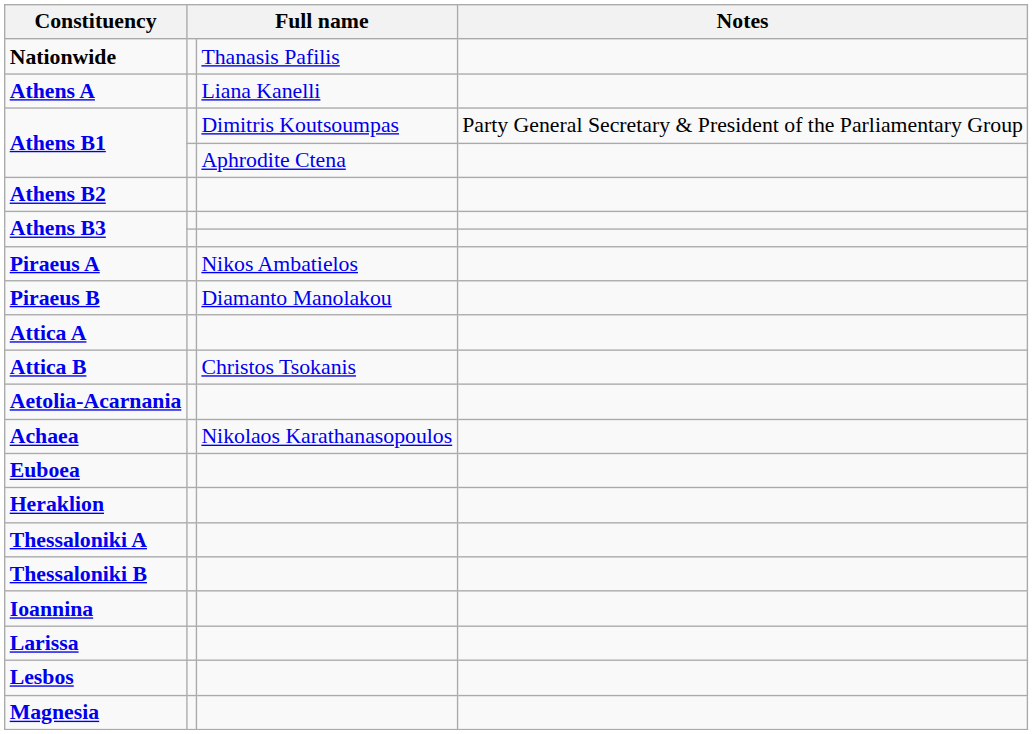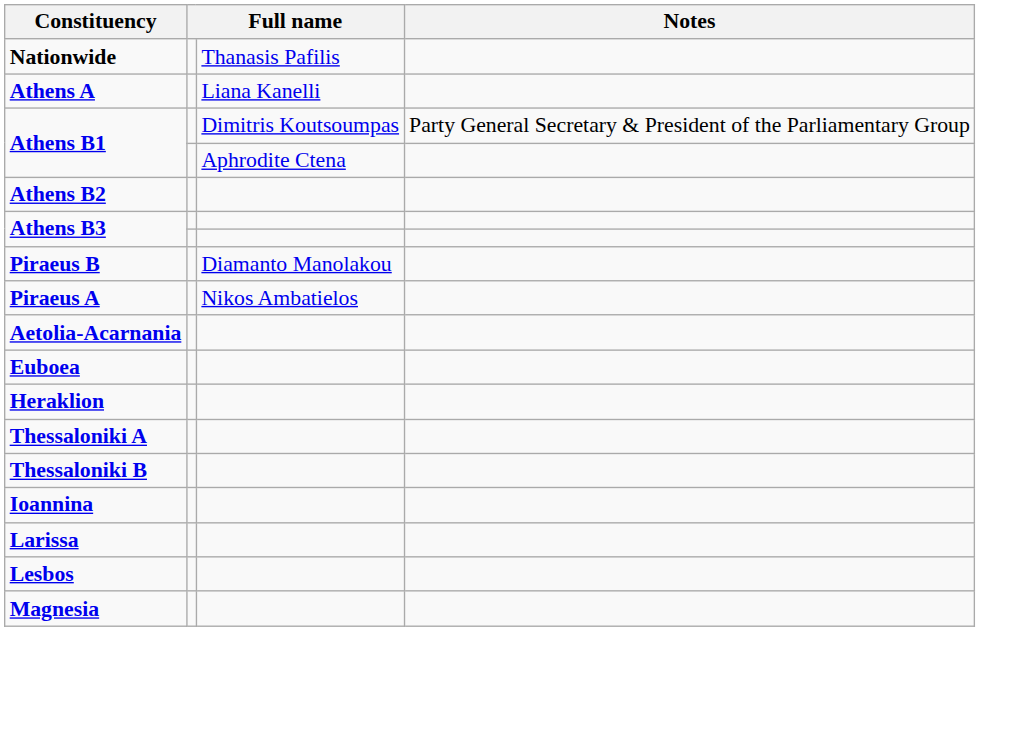 <table class="wikitable">
 <tr>
 <th>Constituency</th>
 <th colspan="2">Full name</th>
 <th>Notes</th>
 </tr>
 <tr>
 <td><strong>Nationwide</strong></td>
 <td></td>
 <td><a href='#'>Thanasis Pafilis</a></td>
 <td></td>
 </tr>
 <tr>
 <td><strong><a href='#'>Athens A</a></strong></td>
 <td></td>
 <td><a href='#'>Liana Kanelli</a></td>
 <td></td>
 </tr>
 <tr>
 <td rowspan="2"><strong><a href='#'>Athens B1</a></strong></td>
 <td></td>
 <td><a href='#'>Dimitris Koutsoumpas</a></td>
 <td>Party General Secretary & President of the Parliamentary Group</td>
 </tr>
 <tr>
 <td></td>
 <td><a href='#'>Aphrodite Ctena</a></td>
 <td></td>
 </tr>
 <tr>
 <td><strong><a href='#'>Athens B2</a></strong></td>
 <td></td>
 <td></td>
 <td></td>
 </tr>
 <tr>
 <td rowspan="2"><strong><a href='#'>Athens B3</a></strong></td>
 <td></td>
 <td></td>
 <td></td>
 </tr>
 <tr>
 <td></td>
 <td></td>
 <td></td>
 </tr>
 <tr>
+<td><strong><a href='#'>Piraeus B</a></strong></td>
+<td></td>
+<td><a href='#'>Diamanto Manolakou</a></td>
+<td></td>
+</tr>
+<tr>
 <td><strong><a href='#'>Piraeus A</a></strong></td>
 <td></td>
 <td><a href='#'>Nikos Ambatielos</a></td>
 <td></td>
 </tr>
 <tr>
-<td><strong><a href='#'>Piraeus B</a></strong></td>
-<td></td>
-<td><a href='#'>Diamanto Manolakou</a></td>
-<td></td>
-</tr>
-<tr>
-<td><a href='#'><strong>Attica A</strong></a></td>
-<td></td>
-<td></td>
-<td></td>
-</tr>
-<tr>
-<td><strong><a href='#'>Attica B</a></strong></td>
-<td></td>
-<td><a href='#'>Christos Tsokanis</a></td>
-<td></td>
-</tr>
-<tr>
 <td><a href='#'><strong>Aetolia-Acarnania</strong></a></td>
 <td></td>
 <td></td>
-<td></td>
-</tr>
-<tr>
-<td><a href='#'><strong>Achaea</strong></a></td>
-<td></td>
-<td><a href='#'>Nikolaos Karathanasopoulos</a></td>
 <td></td>
 </tr>
 <tr>
 <td><a href='#'><strong>Euboea</strong></a></td>
 <td></td>
 <td></td>
 <td></td>
 </tr>
 <tr>
 <td><a href='#'><strong>Heraklion</strong></a></td>
 <td></td>
 <td></td>
 <td></td>
 </tr>
 <tr>
 <td><strong><a href='#'>Thessaloniki A</a></strong></td>
 <td></td>
 <td></td>
 <td></td>
 </tr>
 <tr>
 <td><strong><a href='#'>Thessaloniki B</a></strong></td>
 <td></td>
 <td></td>
 <td></td>
 </tr>
 <tr>
 <td><a href='#'><strong>Ioannina</strong></a></td>
 <td></td>
 <td></td>
 <td></td>
 </tr>
 <tr>
 <td><strong><a href='#'>Larissa</a></strong></td>
 <td></td>
 <td></td>
 <td></td>
 </tr>
 <tr>
 <td><strong><a href='#'>Lesbos</a></strong></td>
 <td></td>
 <td></td>
 <td></td>
 </tr>
 <tr>
 <td><strong><a href='#'>Magnesia</a></strong></td>
 <td></td>
 <td></td>
 <td></td>
 </tr>
 </table>
